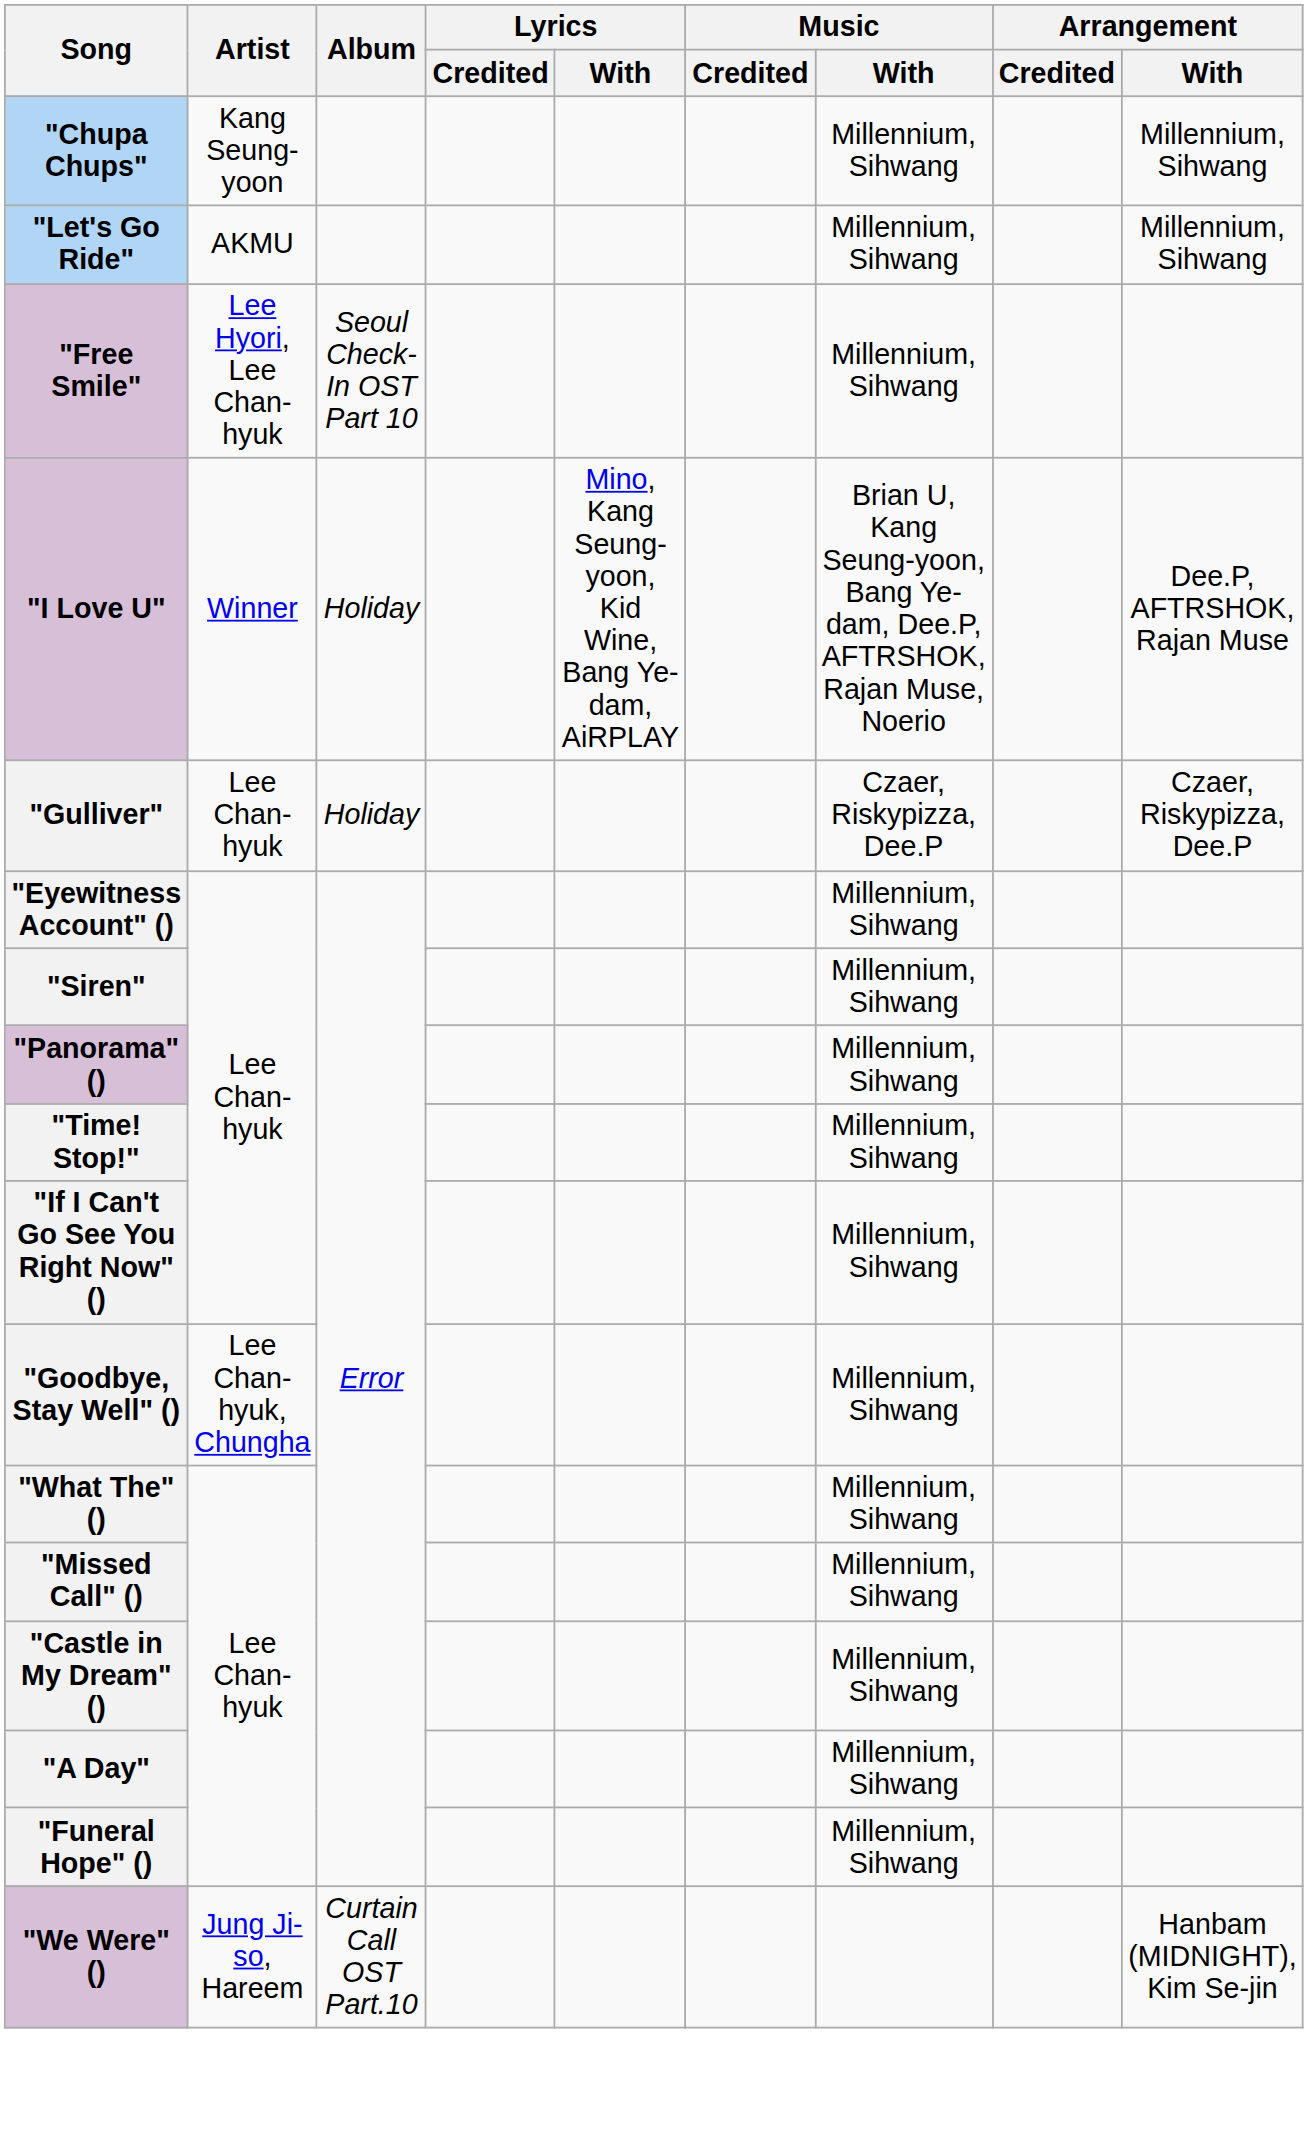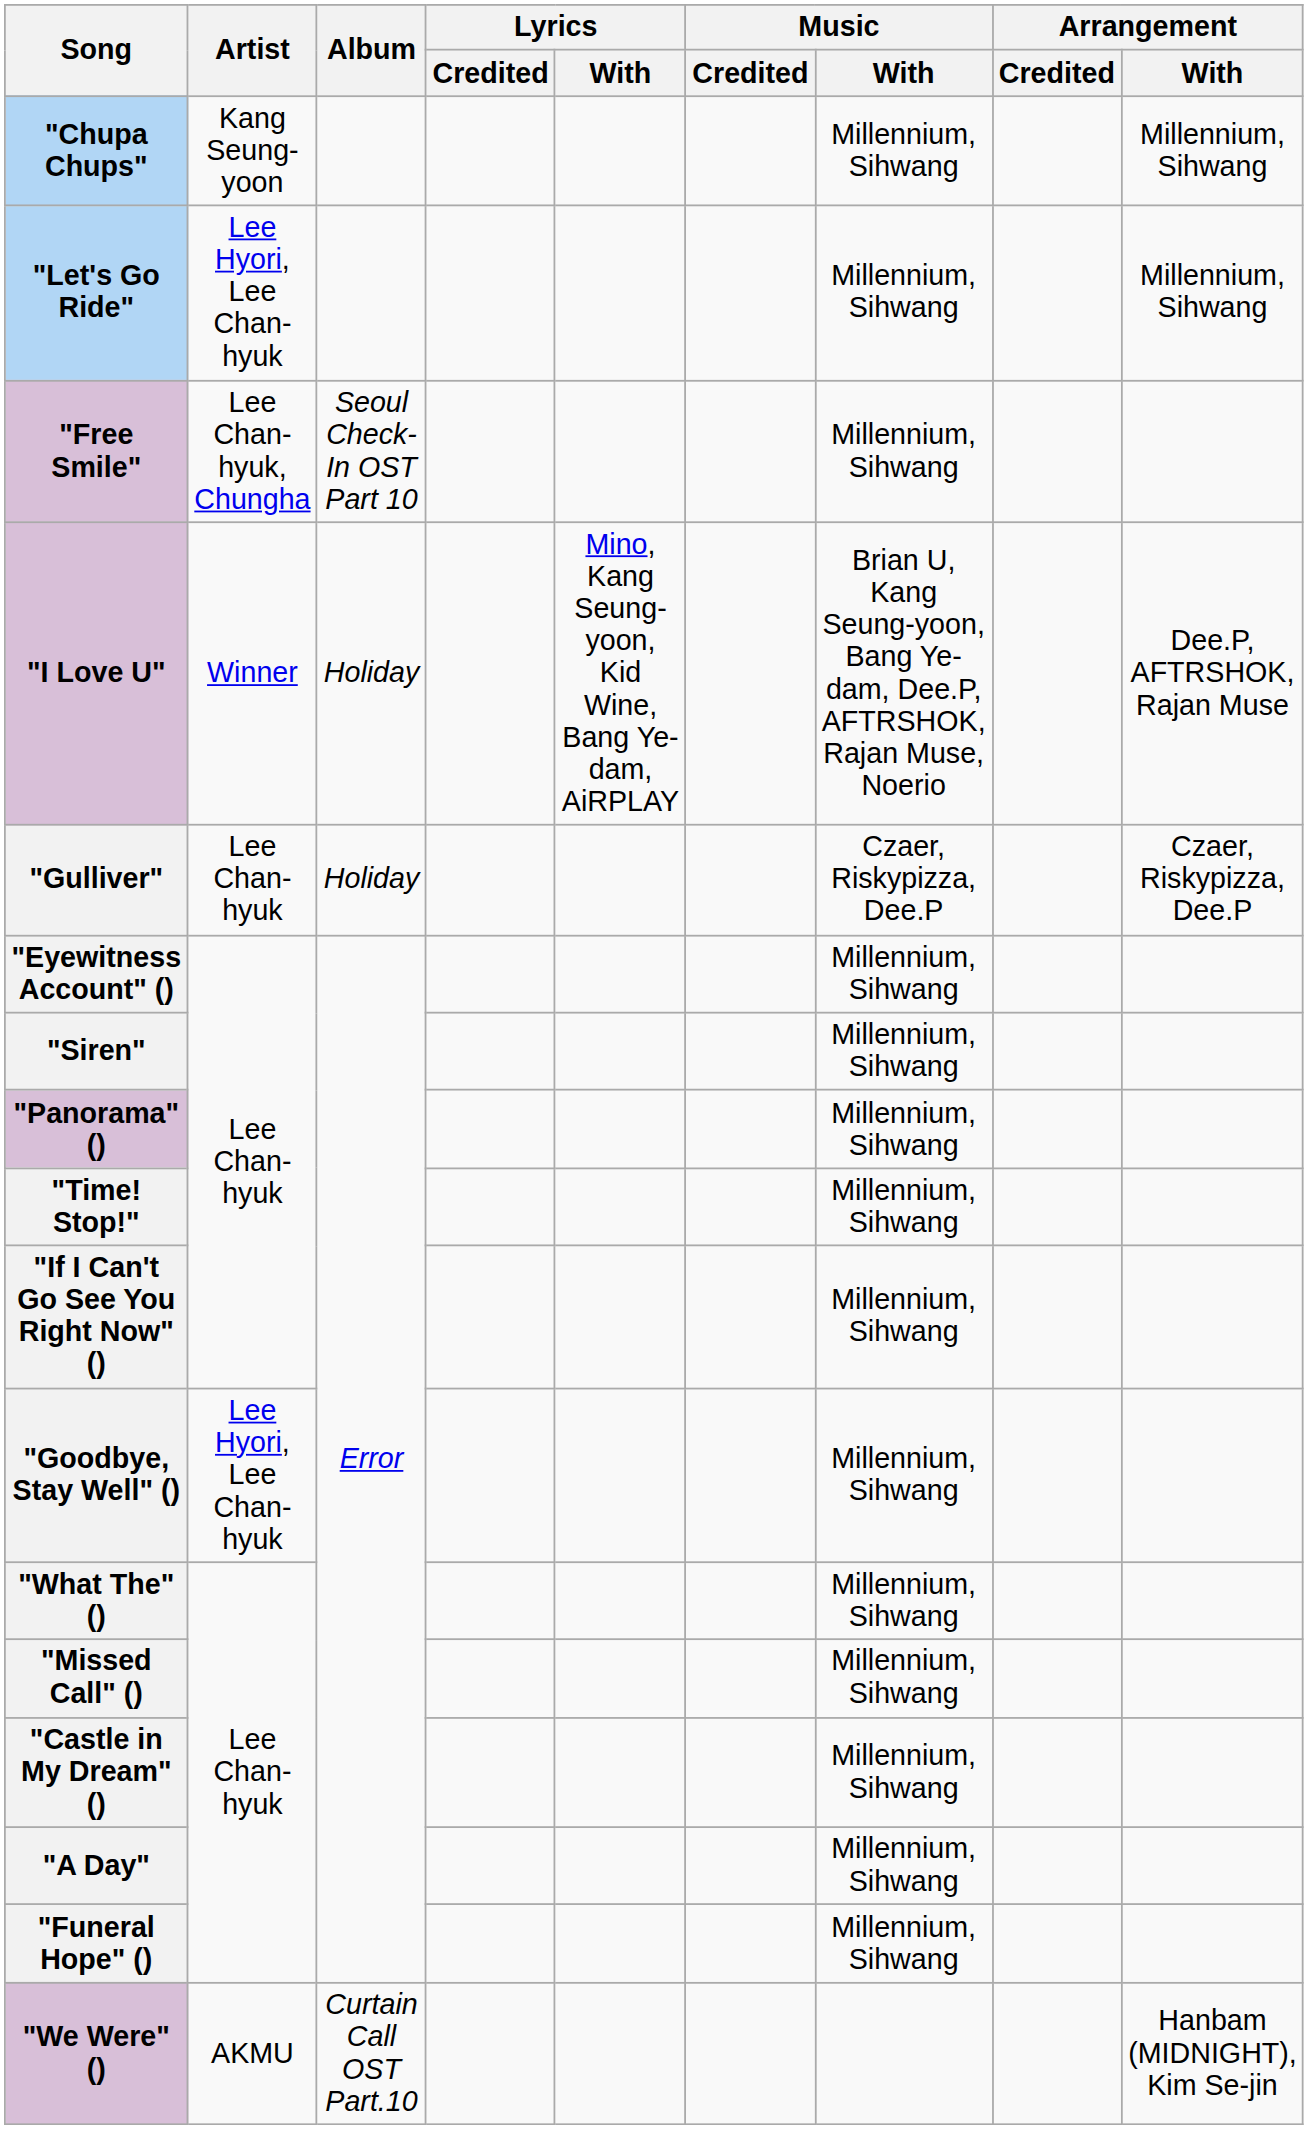 <table class="wikitable plainrowheaders" style="text-align:center;">
 <tr>
 <th rowspan="2" width="300px">Song</th>
 <th rowspan="2" width="300px">Artist</th>
 <th rowspan="2" width="300px">Album</th>
 <th colspan="2">Lyrics</th>
 <th colspan="2">Music</th>
 <th colspan="2">Arrangement</th>
 </tr>
 <tr>
 <th width="50px">Credited</th>
 <th width="200px">With</th>
 <th width="50px">Credited</th>
 <th width="200px">With</th>
 <th width="50px">Credited</th>
 <th width="200px">With</th>
 </tr>
 <tr>
 <th scope="row" style="background-color:#b1d6f5">"Chupa Chups" <br> </th>
 <td>Kang Seung-yoon</td>
 <td></td>
 <td></td>
 <td></td>
 <td></td>
 <td>Millennium, Sihwang</td>
 <td></td>
 <td>Millennium, Sihwang</td>
 </tr>
 <tr>
 <th scope="row" style="background-color:#b1d6f5">"Let's Go Ride" <br>  </th>
-<td>AKMU</td>
+<td><a href='#'>Lee Hyori</a>, Lee Chan-hyuk</td>
 <td></td>
 <td></td>
 <td></td>
 <td></td>
 <td>Millennium, Sihwang</td>
 <td></td>
 <td>Millennium, Sihwang</td>
 </tr>
 <tr>
 <th scope="row" style="background-color:#D8BFD8">"Free Smile" </th>
-<td><a href='#'>Lee Hyori</a>, Lee Chan-hyuk</td>
+<td>Lee Chan-hyuk, <a href='#'>Chungha</a></td>
 <td><em>Seoul Check-In OST Part 10</em></td>
 <td></td>
 <td></td>
 <td></td>
 <td>Millennium, Sihwang</td>
 <td></td>
 <td></td>
 </tr>
 <tr>
 <th scope="row" style="background-color:#D8BFD8">"I Love U" </th>
 <td><a href='#'>Winner</a></td>
 <td><em>Holiday</em></td>
 <td></td>
 <td><a href='#'>Mino</a>, Kang Seung-yoon, Kid Wine, Bang Ye-dam, AiRPLAY</td>
 <td></td>
 <td>Brian U, Kang Seung-yoon, Bang Ye-dam, Dee.P, AFTRSHOK, Rajan Muse, Noerio</td>
 <td></td>
 <td>Dee.P, AFTRSHOK, Rajan Muse</td>
 </tr>
 <tr>
 <th scope="row">"Gulliver"</th>
 <td>Lee Chan-hyuk</td>
 <td><em>Holiday</em></td>
 <td></td>
 <td></td>
 <td></td>
 <td>Czaer, Riskypizza, Dee.P</td>
 <td></td>
 <td>Czaer, Riskypizza, Dee.P</td>
 </tr>
 <tr>
 <th scope="row">"Eyewitness Account" ()</th>
 <td rowspan="5">Lee Chan-hyuk</td>
 <td rowspan="11"><em><a href='#'>Error</a></em></td>
 <td></td>
 <td></td>
 <td></td>
 <td>Millennium, Sihwang</td>
 <td></td>
 <td></td>
 </tr>
 <tr>
 <th scope="row">"Siren"</th>
 <td></td>
 <td></td>
 <td></td>
 <td>Millennium, Sihwang</td>
 <td></td>
 <td></td>
 </tr>
 <tr>
 <th scope="row" style="background-color:#D8BFD8">"Panorama" () </th>
 <td></td>
 <td></td>
 <td></td>
 <td>Millennium, Sihwang</td>
 <td></td>
 <td></td>
 </tr>
 <tr>
 <th scope="row">"Time! Stop!"</th>
 <td></td>
 <td></td>
 <td></td>
 <td>Millennium, Sihwang</td>
 <td></td>
 <td></td>
 </tr>
 <tr>
 <th scope="row">"If I Can't Go See You Right Now" ()</th>
 <td></td>
 <td></td>
 <td></td>
 <td>Millennium, Sihwang</td>
 <td></td>
 <td></td>
 </tr>
 <tr>
 <th scope="row">"Goodbye, Stay Well" ()</th>
-<td>Lee Chan-hyuk, <a href='#'>Chungha</a></td>
+<td><a href='#'>Lee Hyori</a>, Lee Chan-hyuk</td>
 <td></td>
 <td></td>
 <td></td>
 <td>Millennium, Sihwang</td>
 <td></td>
 <td></td>
 </tr>
 <tr>
 <th scope="row">"What The" ()</th>
 <td rowspan="5">Lee Chan-hyuk</td>
 <td></td>
 <td></td>
 <td></td>
 <td>Millennium, Sihwang</td>
 <td></td>
 <td></td>
 </tr>
 <tr>
 <th scope="row">"Missed Call" ()</th>
 <td></td>
 <td></td>
 <td></td>
 <td>Millennium, Sihwang</td>
 <td></td>
 <td></td>
 </tr>
 <tr>
 <th scope="row">"Castle in My Dream" ()</th>
 <td></td>
 <td></td>
 <td></td>
 <td>Millennium, Sihwang</td>
 <td></td>
 <td></td>
 </tr>
 <tr>
 <th scope="row">"A Day"</th>
 <td></td>
 <td></td>
 <td></td>
 <td>Millennium, Sihwang</td>
 <td></td>
 <td></td>
 </tr>
 <tr>
 <th scope="row">"Funeral Hope" ()</th>
 <td></td>
 <td></td>
 <td></td>
 <td>Millennium, Sihwang</td>
 <td></td>
 <td></td>
 </tr>
 <tr>
 <th scope="row" style="background-color:#D8BFD8">"We Were" () </th>
-<td><a href='#'>Jung Ji-so</a>, Hareem</td>
+<td>AKMU</td>
 <td><em>Curtain Call OST Part.10</em></td>
 <td></td>
 <td></td>
 <td></td>
 <td></td>
 <td></td>
 <td>Hanbam (MIDNIGHT), Kim Se-jin</td>
 </tr>
 </table>
